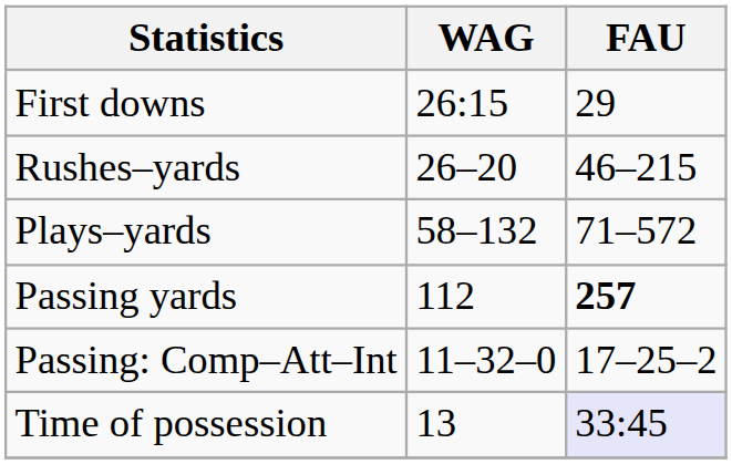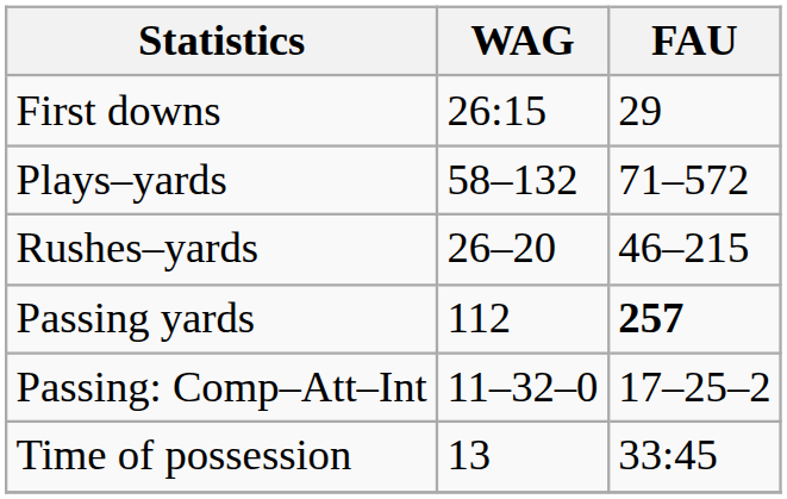 <table class="wikitable" style="float: left;">
 <tr>
 <th>Statistics</th>
 <th>WAG</th>
 <th>FAU</th>
 </tr>
 <tr>
 <td>First downs</td>
 <td>26:15</td>
 <td>29</td>
 </tr>
 <tr>
+<td>Plays–yards</td>
+<td>58–132</td>
+<td>71–572</td>
+</tr>
+<tr>
 <td>Rushes–yards</td>
 <td>26–20</td>
 <td>46–215</td>
-</tr>
-<tr>
-<td>Plays–yards</td>
-<td>58–132</td>
-<td>71–572</td>
 </tr>
 <tr>
 <td>Passing yards</td>
 <td>112</td>
 <td><strong>257</strong></td>
 </tr>
 <tr>
 <td>Passing: Comp–Att–Int</td>
 <td>11–32–0</td>
 <td>17–25–2</td>
 </tr>
 <tr>
 <td>Time of possession</td>
 <td>13</td>
-<td style="background: lavender;">33:45</td>
+<td>33:45</td>
 </tr>
 <tr>
 </tr>
 </table>
